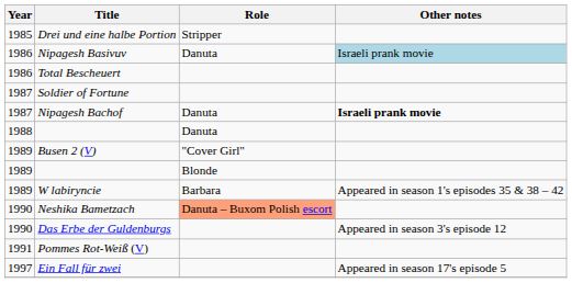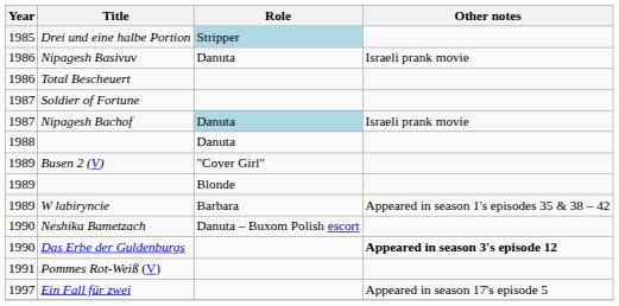 <table class="wikitable">
 <tr>
 <th>Year</th>
 <th>Title</th>
 <th>Role</th>
 <th>Other notes</th>
 </tr>
 <tr>
 <td>1985</td>
 <td><em>Drei und eine halbe Portion</em></td>
-<td>Stripper</td>
+<td style="background: lightblue;">Stripper</td>
 <td></td>
 </tr>
 <tr>
 <td>1986</td>
 <td><em>Nipagesh Basivuv</em></td>
 <td>Danuta</td>
-<td style="background: lightblue;">Israeli prank movie</td>
+<td>Israeli prank movie</td>
 </tr>
 <tr>
 <td>1986</td>
 <td><em>Total Bescheuert</em></td>
 <td></td>
 <td></td>
 </tr>
 <tr>
 <td>1987</td>
 <td><em>Soldier of Fortune</em></td>
 <td></td>
 <td></td>
 </tr>
 <tr>
 <td>1987</td>
 <td><em>Nipagesh Bachof</em></td>
-<td>Danuta</td>
-<td><strong>Israeli prank movie</strong></td>
+<td style="background: lightblue;">Danuta</td>
+<td>Israeli prank movie</td>
 </tr>
 <tr>
 <td>1988</td>
 <td><em></em></td>
 <td>Danuta</td>
 <td></td>
 </tr>
 <tr>
 <td>1989</td>
 <td><em>Busen 2 (<a href='#'>V</a>)</em></td>
 <td>"Cover Girl"</td>
 <td></td>
 </tr>
 <tr>
 <td>1989</td>
 <td><em></em></td>
 <td>Blonde</td>
 <td></td>
 </tr>
 <tr>
 <td>1989</td>
 <td><em>W labiryncie</em></td>
 <td>Barbara</td>
 <td>Appeared in season 1's episodes 35 & 38 – 42</td>
 </tr>
 <tr>
 <td>1990</td>
 <td><em>Neshika Bametzach</em></td>
-<td style="background: lightsalmon;">Danuta – Buxom Polish <a href='#'>escort</a></td>
+<td>Danuta – Buxom Polish <a href='#'>escort</a></td>
 <td></td>
 </tr>
 <tr>
 <td>1990</td>
 <td><em><a href='#'>Das Erbe der Guldenburgs</a></em></td>
 <td></td>
-<td>Appeared in season 3's episode 12</td>
+<td><strong>Appeared in season 3's episode 12</strong></td>
 </tr>
 <tr>
 <td>1991</td>
 <td><em>Pommes Rot-Weiß</em> (<a href='#'>V</a>)</td>
 <td></td>
 <td></td>
 </tr>
 <tr>
 <td>1997</td>
 <td><em><a href='#'>Ein Fall für zwei</a></em></td>
 <td></td>
 <td>Appeared in season 17's episode 5</td>
 </tr>
 <tr>
 </tr>
 </table>
